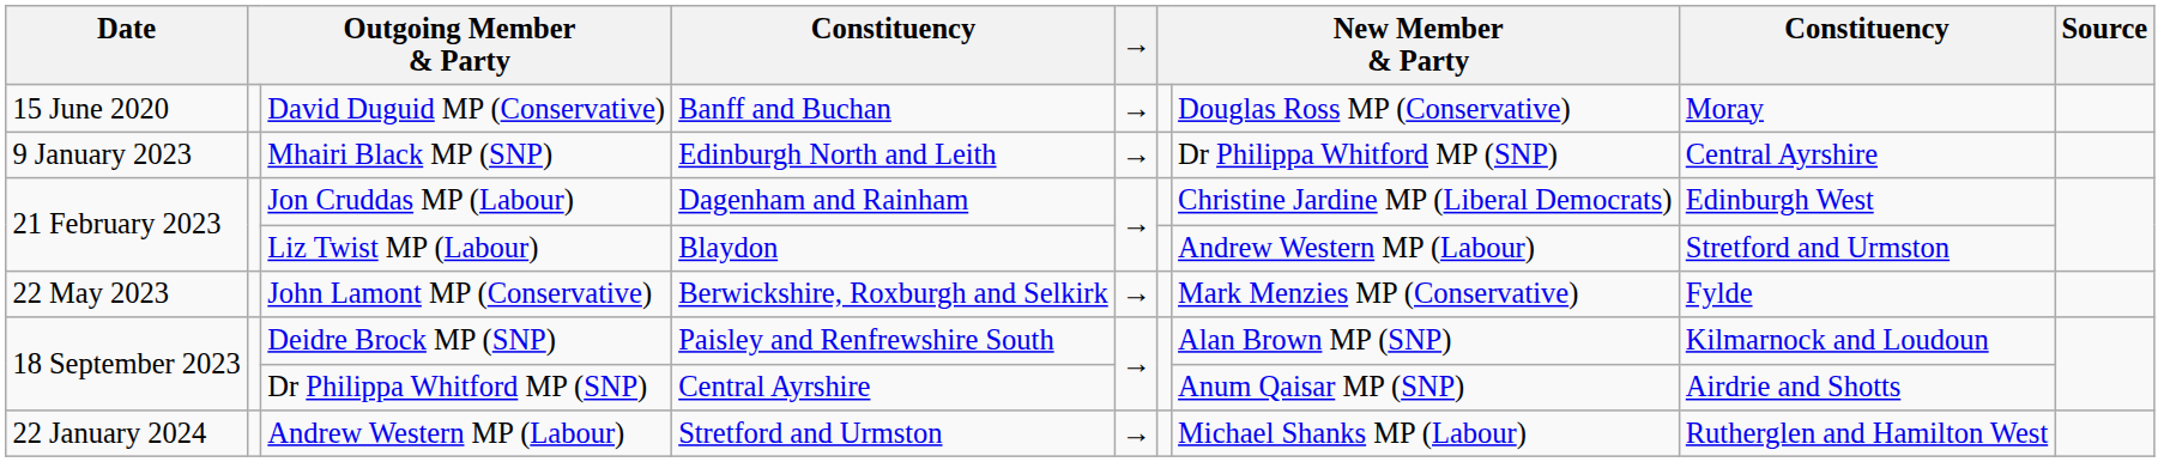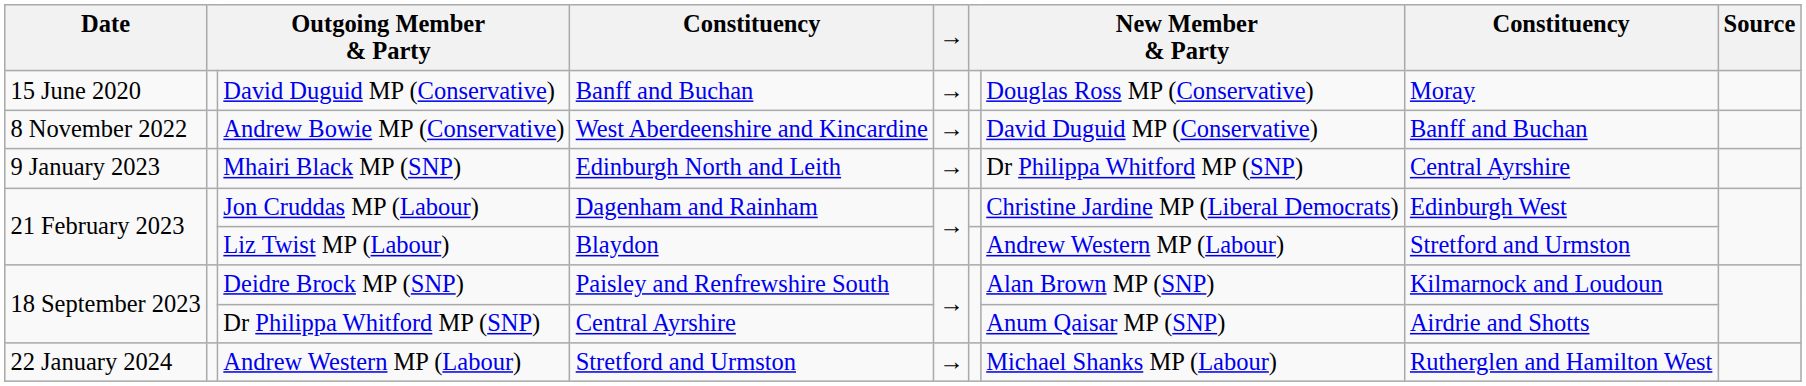 <table class="wikitable">
 <tr>
 <th valign="top">Date</th>
 <th colspan="2" valign="top">Outgoing Member<br>& Party</th>
 <th valign="top">Constituency</th>
 <th>→</th>
 <th colspan="2" valign="top">New Member<br>& Party</th>
 <th valign="top">Constituency</th>
 <th valign="top">Source</th>
 </tr>
 <tr>
 <td>15 June 2020</td>
 <td style="color:inherit;background:"></td>
 <td><a href='#'>David Duguid</a> MP (<a href='#'>Conservative</a>)</td>
 <td><a href='#'>Banff and Buchan</a></td>
 <td>→</td>
 <td style="color:inherit;background:"></td>
 <td><a href='#'>Douglas Ross</a> MP (<a href='#'>Conservative</a>)</td>
 <td><a href='#'>Moray</a></td>
+<td></td>
+</tr>
+<tr>
+<td>8 November 2022</td>
+<td style="color:inherit;background:"></td>
+<td><a href='#'>Andrew Bowie</a> MP (<a href='#'>Conservative</a>)</td>
+<td><a href='#'>West Aberdeenshire and Kincardine</a></td>
+<td>→</td>
+<td style="color:inherit;background:"></td>
+<td><a href='#'>David Duguid</a> MP (<a href='#'>Conservative</a>)</td>
+<td><a href='#'>Banff and Buchan</a></td>
 <td></td>
 </tr>
 <tr>
 <td>9 January 2023</td>
 <td style="color:inherit;background:"></td>
 <td><a href='#'>Mhairi Black</a> MP (<a href='#'>SNP</a>)</td>
 <td><a href='#'>Edinburgh North and Leith</a></td>
 <td>→</td>
 <td style="color:inherit;background:"></td>
 <td>Dr <a href='#'>Philippa Whitford</a> MP (<a href='#'>SNP</a>)</td>
 <td><a href='#'>Central Ayrshire</a></td>
 <td></td>
 </tr>
 <tr>
 <td rowspan=2>21 February 2023</td>
 <td rowspan=2 style="color:inherit;background:"></td>
 <td><a href='#'>Jon Cruddas</a> MP (<a href='#'>Labour</a>)</td>
 <td><a href='#'>Dagenham and Rainham</a></td>
 <td rowspan=2>→</td>
 <td style="color:inherit;background:"></td>
 <td><a href='#'>Christine Jardine</a> MP (<a href='#'>Liberal Democrats</a>)</td>
 <td><a href='#'>Edinburgh West</a></td>
 <td rowspan=2></td>
 </tr>
 <tr>
 <td><a href='#'>Liz Twist</a> MP (<a href='#'>Labour</a>)</td>
 <td><a href='#'>Blaydon</a></td>
 <td style="color:inherit;background:"></td>
 <td><a href='#'>Andrew Western</a> MP (<a href='#'>Labour</a>)</td>
 <td><a href='#'>Stretford and Urmston</a></td>
 </tr>
 <tr>
-<td>22 May 2023</td>
-<td style="color:inherit;background:"></td>
-<td><a href='#'>John Lamont</a> MP (<a href='#'>Conservative</a>)</td>
-<td><a href='#'>Berwickshire, Roxburgh and Selkirk</a></td>
-<td>→</td>
-<td style="color:inherit;background:"></td>
-<td><a href='#'>Mark Menzies</a> MP (<a href='#'>Conservative</a>)</td>
-<td><a href='#'>Fylde</a></td>
-<td></td>
-</tr>
-<tr>
 <td rowspan=2>18 September 2023</td>
 <td rowspan=2 style="color:inherit;background:"></td>
 <td><a href='#'>Deidre Brock</a> MP (<a href='#'>SNP</a>)</td>
 <td><a href='#'>Paisley and Renfrewshire South</a></td>
 <td rowspan=2>→</td>
 <td rowspan=2 style="color:inherit;background:"></td>
 <td><a href='#'>Alan Brown</a> MP (<a href='#'>SNP</a>)</td>
 <td><a href='#'>Kilmarnock and Loudoun</a></td>
 <td rowspan=2></td>
 </tr>
 <tr>
 <td>Dr <a href='#'>Philippa Whitford</a> MP (<a href='#'>SNP</a>)</td>
 <td><a href='#'>Central Ayrshire</a></td>
 <td><a href='#'>Anum Qaisar</a> MP (<a href='#'>SNP</a>)</td>
 <td><a href='#'>Airdrie and Shotts</a></td>
 </tr>
 <tr>
 <td>22 January 2024</td>
 <td style="color:inherit;background:"></td>
 <td><a href='#'>Andrew Western</a> MP (<a href='#'>Labour</a>)</td>
 <td><a href='#'>Stretford and Urmston</a></td>
 <td>→</td>
 <td style="color:inherit;background:"></td>
 <td><a href='#'>Michael Shanks</a> MP (<a href='#'>Labour</a>)</td>
 <td><a href='#'>Rutherglen and Hamilton West</a></td>
 <td></td>
 </tr>
 </table>
